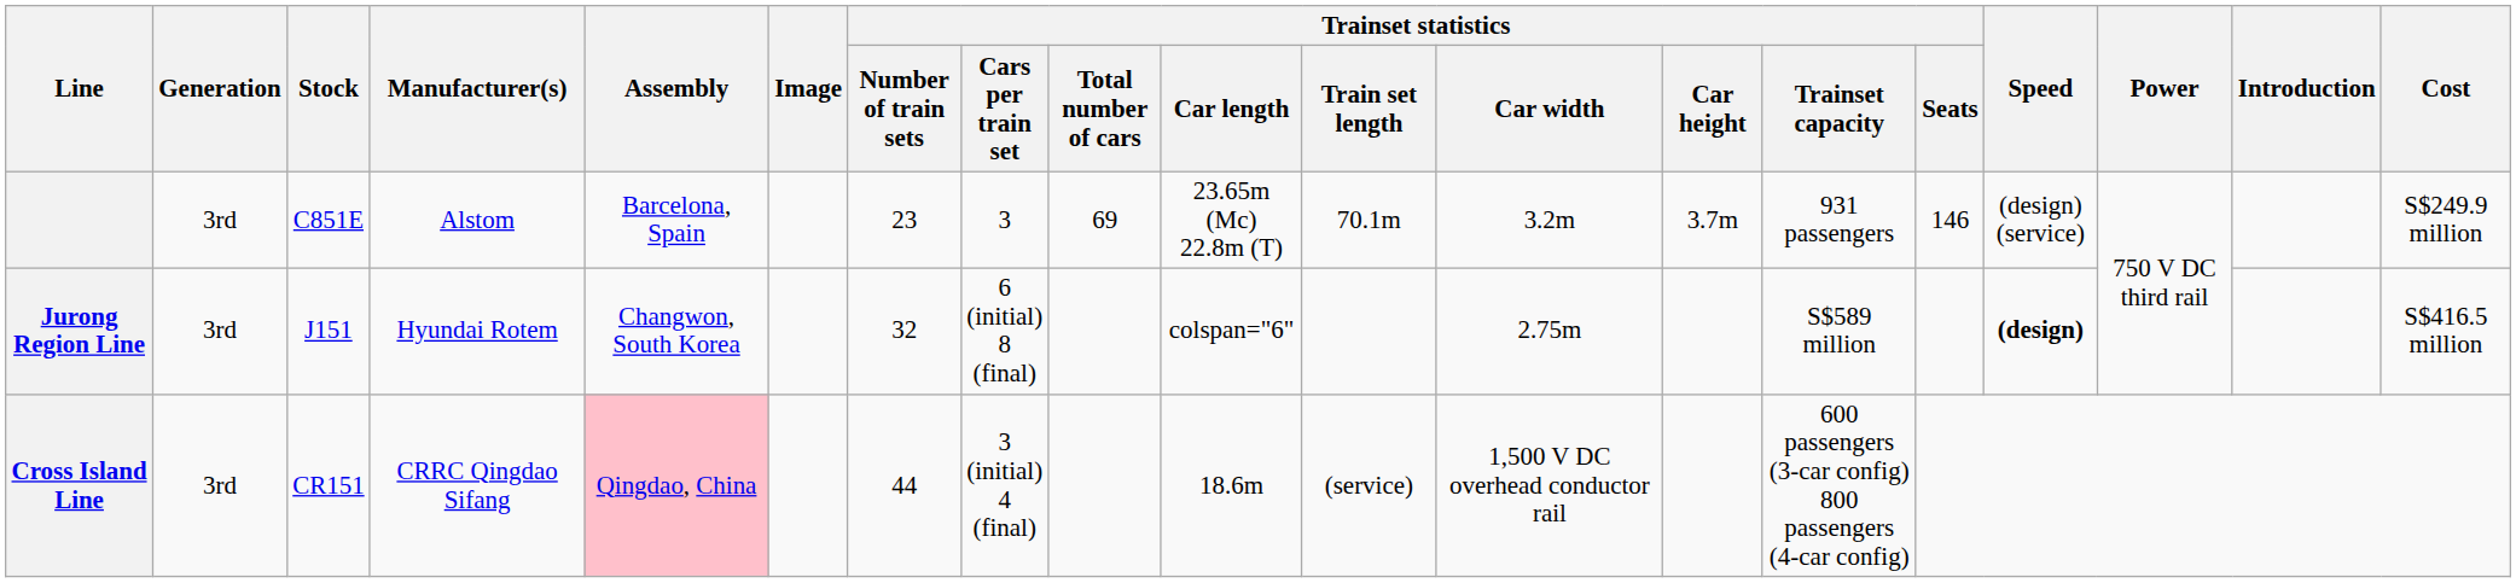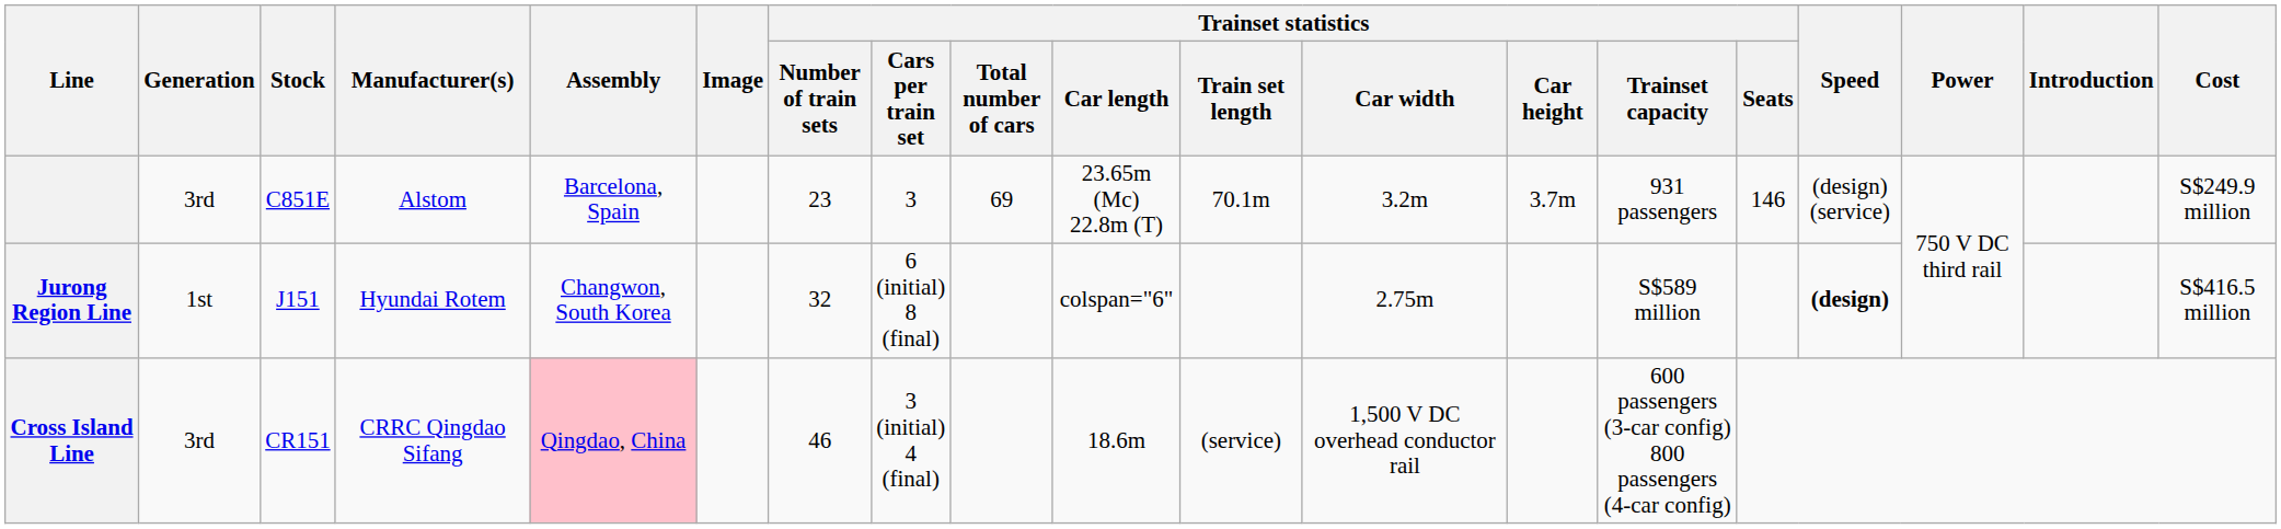 <table class="wikitable" style="margin: 0 auto; text-align:center">
 <tr>
 <th colspan="2" rowspan="2">Line</th>
 <th rowspan="2">Generation</th>
 <th rowspan="2">Stock</th>
 <th rowspan="2">Manufacturer(s)</th>
 <th rowspan="2">Assembly</th>
 <th rowspan="2">Image</th>
 <th colspan="9">Trainset statistics</th>
 <th rowspan="2" style="width:4em">Speed</th>
 <th rowspan="2">Power</th>
 <th rowspan="2">Introduction</th>
 <th rowspan="2">Cost</th>
 </tr>
 <tr>
 <th style="width:4em">Number of train sets</th>
 <th style="width:3em">Cars per train set</th>
 <th style="width:4em">Total number of cars</th>
 <th>Car length</th>
 <th>Train set length</th>
 <th>Car width</th>
 <th>Car height</th>
 <th>Trainset capacity</th>
 <th>Seats</th>
 </tr>
 <tr>
 <th colspan="2" style="background-color:#"><a href='#'></a></th>
 <td>3rd</td>
 <td><a href='#'>C851E</a></td>
 <td><a href='#'>Alstom</a></td>
 <td><a href='#'>Barcelona</a>, <a href='#'>Spain</a></td>
 <td></td>
 <td>23</td>
 <td>3</td>
 <td>69</td>
 <td>23.65m (Mc)<br>22.8m (T)</td>
 <td>70.1m</td>
 <td>3.2m</td>
 <td>3.7m</td>
 <td>931 passengers</td>
 <td>146</td>
 <td> (design)<br> (service)</td>
 <td rowspan="2">750 V DC third rail</td>
 <td></td>
 <td>S$249.9 million<wbr></td>
 </tr>
 <tr>
 <th colspan="2" style="background-color:#"><a href='#'><span>Jurong Region Line</span></a></th>
-<td>3rd</td>
+<td>1st</td>
 <td><a href='#'>J151</a></td>
 <td><a href='#'>Hyundai Rotem</a></td>
 <td><a href='#'>Changwon</a>, <a href='#'>South Korea</a></td>
 <td></td>
 <td>32</td>
 <td>6 (initial) 8 (final)</td>
 <td></td>
 <td>colspan="6" </td>
 <td></td>
 <td>2.75m</td>
 <td></td>
 <td>S$589 million</td>
 <td></td>
 <td><strong> (design)</strong></td>
 <td></td>
 <td>S$416.5 million</td>
 </tr>
 <tr>
 <th colspan="2" style="background-color:#"><a href='#'><span>Cross Island Line</span></a></th>
 <td>3rd</td>
 <td><a href='#'>CR151</a></td>
 <td><a href='#'>CRRC Qingdao Sifang</a></td>
 <td style="background: pink;"><a href='#'>Qingdao</a>, <a href='#'>China</a></td>
 <td></td>
-<td>44</td>
+<td>46</td>
 <td>3 (initial)<br>4 (final)</td>
 <td></td>
 <td>18.6m</td>
 <td> (service)</td>
 <td>1,500 V DC overhead conductor rail</td>
 <td></td>
 <td>600 passengers<br>(3-car config)<br>800 passengers<br>(4-car config)</td>
 </tr>
 </table>
